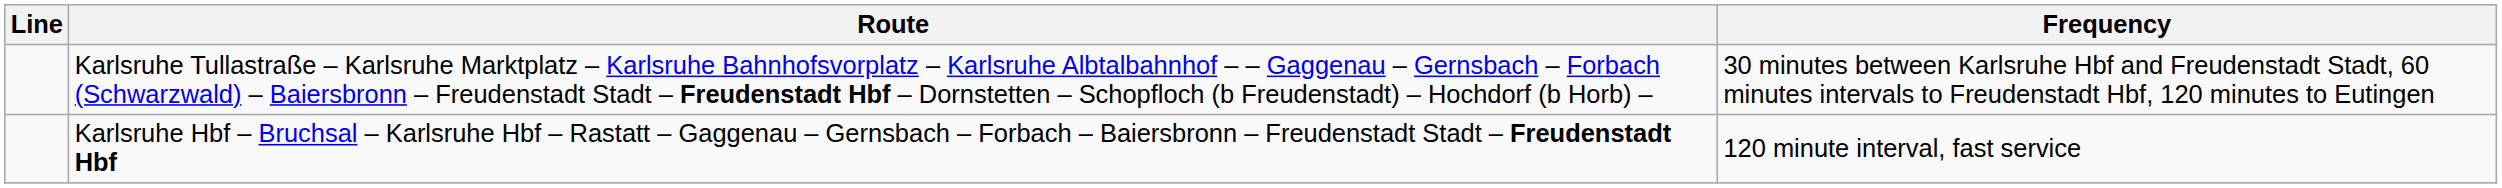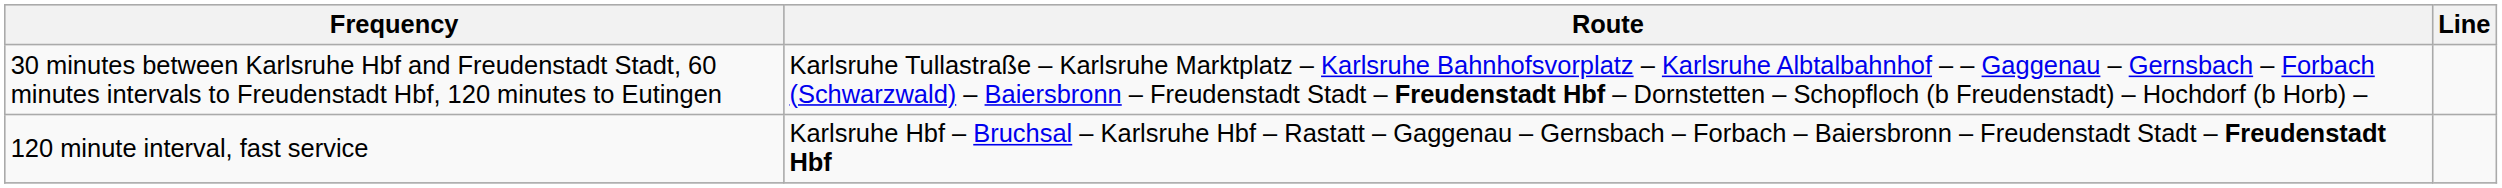 <table class="wikitable">
 <tr>
+<th>Frequency</th>
+<th>Route</th>
 <th>Line</th>
-<th>Route</th>
-<th>Frequency</th>
 </tr>
 <tr>
+<td>30 minutes between Karlsruhe Hbf and Freudenstadt Stadt, 60 minutes intervals to Freudenstadt Hbf, 120 minutes to Eutingen</td>
+<td>Karlsruhe Tullastraße – Karlsruhe Marktplatz – <a href='#'>Karlsruhe Bahnhofsvorplatz</a> – <a href='#'>Karlsruhe Albtalbahnhof</a> –  – <a href='#'>Gaggenau</a> – <a href='#'>Gernsbach</a> – <a href='#'>Forbach (Schwarzwald)</a> – <a href='#'>Baiersbronn</a> – Freudenstadt Stadt – <strong>Freudenstadt Hbf</strong> – Dornstetten – Schopfloch (b Freudenstadt) – Hochdorf (b Horb) – </td>
 <td></td>
-<td>Karlsruhe Tullastraße – Karlsruhe Marktplatz – <a href='#'>Karlsruhe Bahnhofsvorplatz</a> – <a href='#'>Karlsruhe Albtalbahnhof</a> –  – <a href='#'>Gaggenau</a> – <a href='#'>Gernsbach</a> – <a href='#'>Forbach (Schwarzwald)</a> – <a href='#'>Baiersbronn</a> – Freudenstadt Stadt – <strong>Freudenstadt Hbf</strong> – Dornstetten – Schopfloch (b Freudenstadt) – Hochdorf (b Horb) – </td>
-<td>30 minutes between Karlsruhe Hbf and Freudenstadt Stadt, 60 minutes intervals to Freudenstadt Hbf, 120 minutes to Eutingen</td>
 </tr>
 <tr>
+<td>120 minute interval, fast service</td>
+<td>Karlsruhe Hbf – <a href='#'>Bruchsal</a> – Karlsruhe Hbf – Rastatt – Gaggenau – Gernsbach – Forbach – Baiersbronn – Freudenstadt Stadt – <strong>Freudenstadt Hbf</strong></td>
 <td></td>
-<td>Karlsruhe Hbf – <a href='#'>Bruchsal</a> – Karlsruhe Hbf – Rastatt – Gaggenau – Gernsbach – Forbach – Baiersbronn – Freudenstadt Stadt – <strong>Freudenstadt Hbf</strong></td>
-<td>120 minute interval, fast service</td>
 </tr>
 </table>
